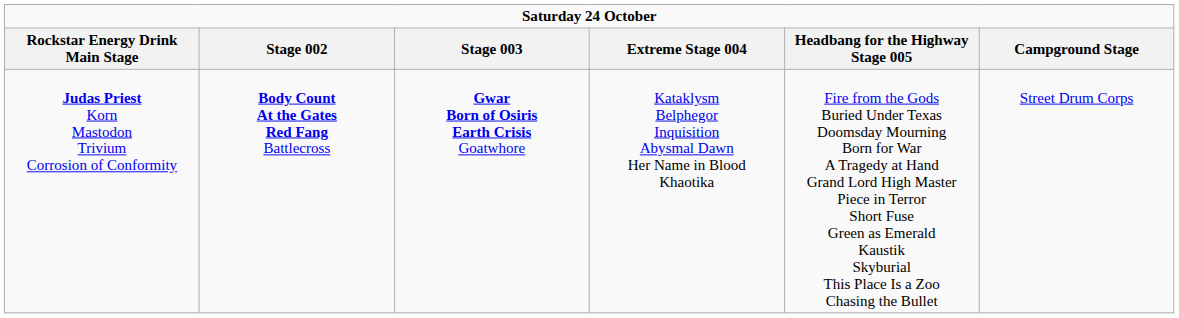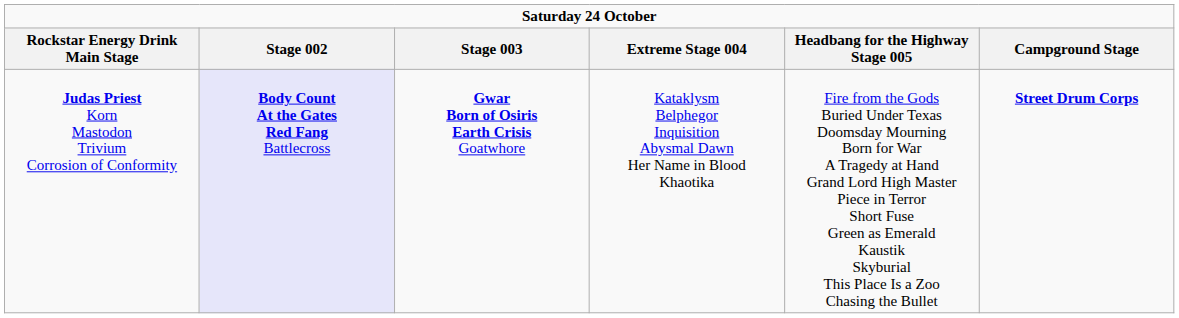 <table class="wikitable">
 <tr>
 <td colspan="6" style="text-align:center;"><strong>Saturday 24 October</strong></td>
 </tr>
 <tr>
 <th>Rockstar Energy Drink Main Stage</th>
 <th>Stage 002</th>
 <th>Stage 003</th>
 <th>Extreme Stage 004</th>
 <th>Headbang for the Highway Stage 005</th>
 <th>Campground Stage</th>
 </tr>
 <tr>
 <td style="text-align:center; vertical-align:top; width:200px;"><br><strong><a href='#'>Judas Priest</a></strong><br> <a href='#'>Korn</a><br> <a href='#'>Mastodon</a><br> <a href='#'>Trivium</a><br> <a href='#'>Corrosion of Conformity</a><br></td>
-<td style="text-align:center; vertical-align:top; width:200px;"><br><strong><a href='#'>Body Count</a></strong><br> <strong><a href='#'>At the Gates</a></strong><br> <strong><a href='#'>Red Fang</a></strong><br> <a href='#'>Battlecross</a><br></td>
+<td style="background: lavender; text-align:center; vertical-align:top; width:200px;"><br><strong><a href='#'>Body Count</a></strong><br> <strong><a href='#'>At the Gates</a></strong><br> <strong><a href='#'>Red Fang</a></strong><br> <a href='#'>Battlecross</a><br></td>
 <td style="text-align:center; vertical-align:top; width:200px;"><br><strong><a href='#'>Gwar</a></strong><br> <strong><a href='#'>Born of Osiris</a></strong><br> <strong><a href='#'>Earth Crisis</a></strong><br> <a href='#'>Goatwhore</a><br></td>
 <td style="text-align:center; vertical-align:top; width:200px;"><br><a href='#'>Kataklysm</a><br> <a href='#'>Belphegor</a><br> <a href='#'>Inquisition</a><br> <a href='#'>Abysmal Dawn</a><br> Her Name in Blood<br> Khaotika<br></td>
 <td style="text-align:center; vertical-align:top; width:200px;"><br><a href='#'>Fire from the Gods</a><br> Buried Under Texas<br> Doomsday Mourning<br> Born for War<br> A Tragedy at Hand<br> Grand Lord High Master<br> Piece in Terror<br> Short Fuse<br> Green as Emerald<br> Kaustik<br> Skyburial<br> This Place Is a Zoo<br> Chasing the Bullet<br></td>
-<td style="text-align:center; vertical-align:top; width:200px;"><br><a href='#'>Street Drum Corps</a></td>
+<td style="text-align:center; vertical-align:top; width:200px;"><strong><br><a href='#'>Street Drum Corps</a></strong></td>
 </tr>
 </table>
